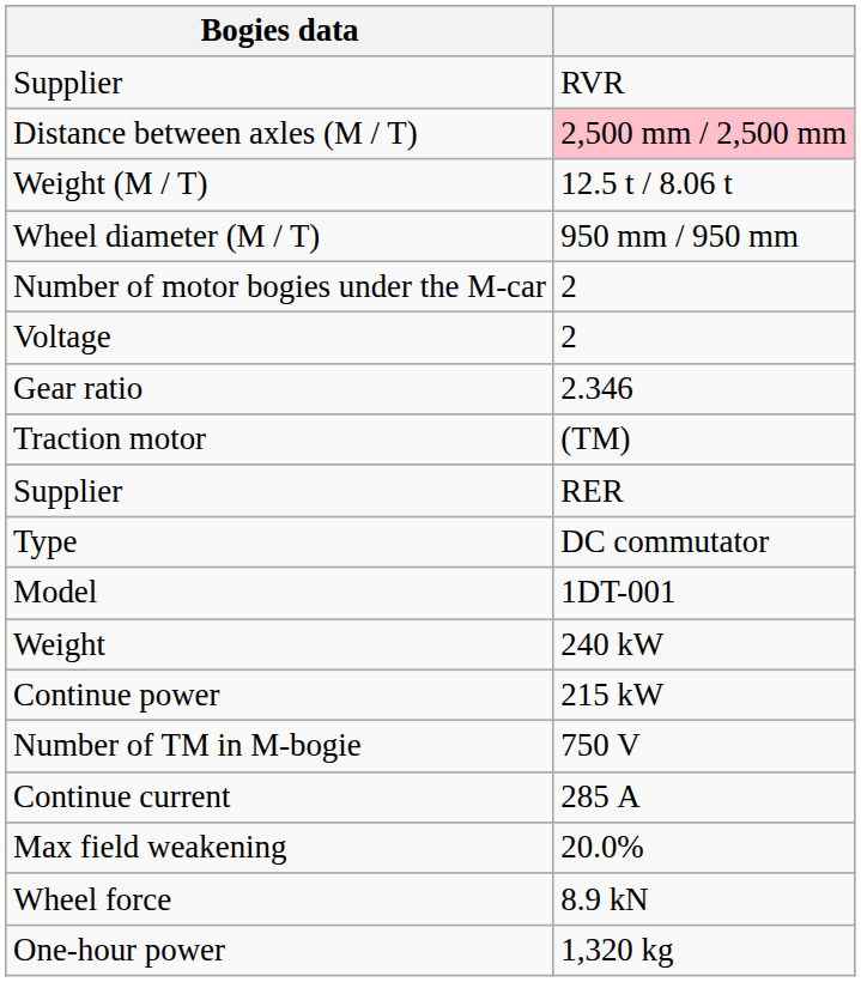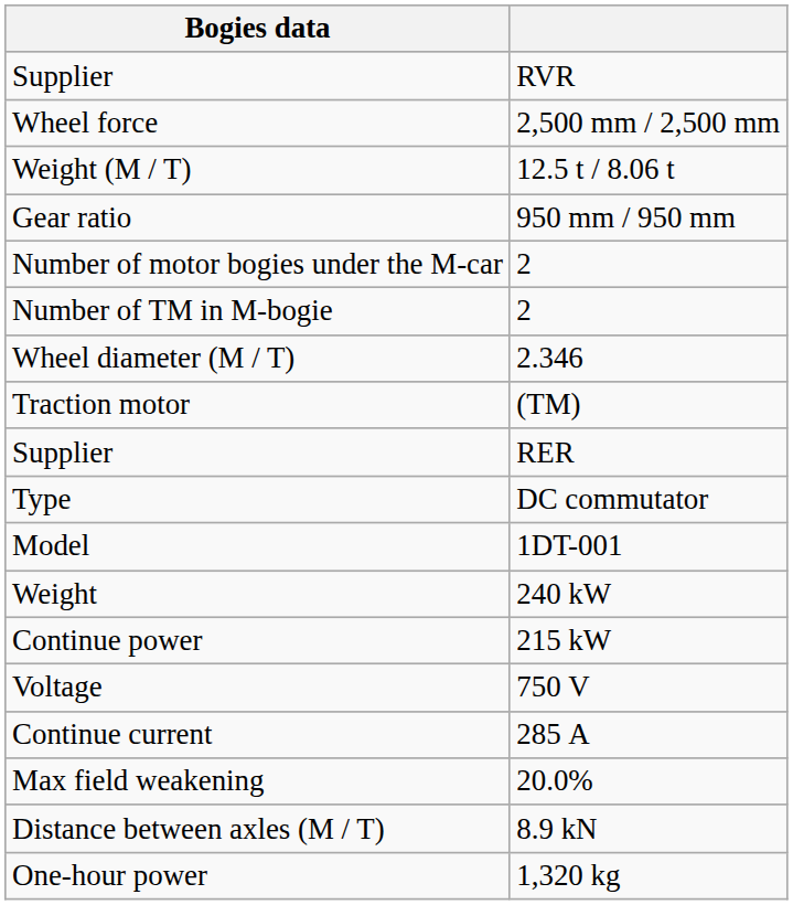 <table class="wikitable">
 <tr>
 <th>Bogies data</th>
 <th></th>
 </tr>
 <tr>
 <td>Supplier</td>
 <td>RVR</td>
 </tr>
 <tr>
-<td>Distance between axles (M / T)</td>
-<td style="background: pink;">2,500 mm / 2,500 mm</td>
+<td>Wheel force</td>
+<td>2,500 mm / 2,500 mm</td>
 </tr>
 <tr>
 <td>Weight (M / T)</td>
 <td>12.5 t / 8.06 t</td>
 </tr>
 <tr>
-<td>Wheel diameter (M / T)</td>
+<td>Gear ratio</td>
 <td>950 mm / 950 mm</td>
 </tr>
 <tr>
 <td>Number of motor bogies under the M-car</td>
 <td>2</td>
 </tr>
 <tr>
-<td>Voltage</td>
+<td>Number of TM in M-bogie</td>
 <td>2</td>
 </tr>
 <tr>
-<td>Gear ratio</td>
+<td>Wheel diameter (M / T)</td>
 <td>2.346</td>
 </tr>
 <tr>
 <td>Traction motor</td>
 <td>(TM)</td>
 </tr>
 <tr>
 <td>Supplier</td>
 <td>RER</td>
 </tr>
 <tr>
 <td>Type</td>
 <td>DC commutator</td>
 </tr>
 <tr>
 <td>Model</td>
 <td>1DT-001</td>
 </tr>
 <tr>
 <td>Weight</td>
 <td>240 kW</td>
 </tr>
 <tr>
 <td>Continue power</td>
 <td>215 kW</td>
 </tr>
 <tr>
-<td>Number of TM in M-bogie</td>
+<td>Voltage</td>
 <td>750 V</td>
 </tr>
 <tr>
 <td>Continue current</td>
 <td>285 A</td>
 </tr>
 <tr>
 <td>Max field weakening</td>
 <td>20.0%</td>
 </tr>
 <tr>
-<td>Wheel force</td>
+<td>Distance between axles (M / T)</td>
 <td>8.9 kN</td>
 </tr>
 <tr>
 <td>One-hour power</td>
 <td>1,320 kg</td>
 </tr>
 </table>
